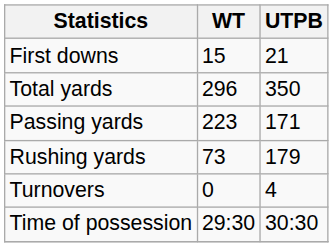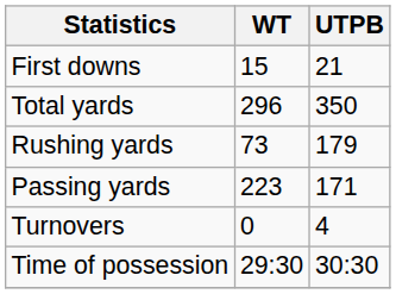 <table class="wikitable" style="float: left;">
 <tr>
 <th>Statistics</th>
 <th>WT</th>
 <th>UTPB</th>
 </tr>
 <tr>
 <td>First downs</td>
 <td>15</td>
 <td>21</td>
 </tr>
 <tr>
 <td>Total yards</td>
 <td>296</td>
 <td>350</td>
 </tr>
 <tr>
+<td>Rushing yards</td>
+<td>73</td>
+<td>179</td>
+</tr>
+<tr>
 <td>Passing yards</td>
 <td>223</td>
 <td>171</td>
-</tr>
-<tr>
-<td>Rushing yards</td>
-<td>73</td>
-<td>179</td>
 </tr>
 <tr>
 <td>Turnovers</td>
 <td>0</td>
 <td>4</td>
 </tr>
 <tr>
 <td>Time of possession</td>
 <td>29:30</td>
 <td>30:30</td>
 </tr>
 <tr>
 </tr>
 </table>
